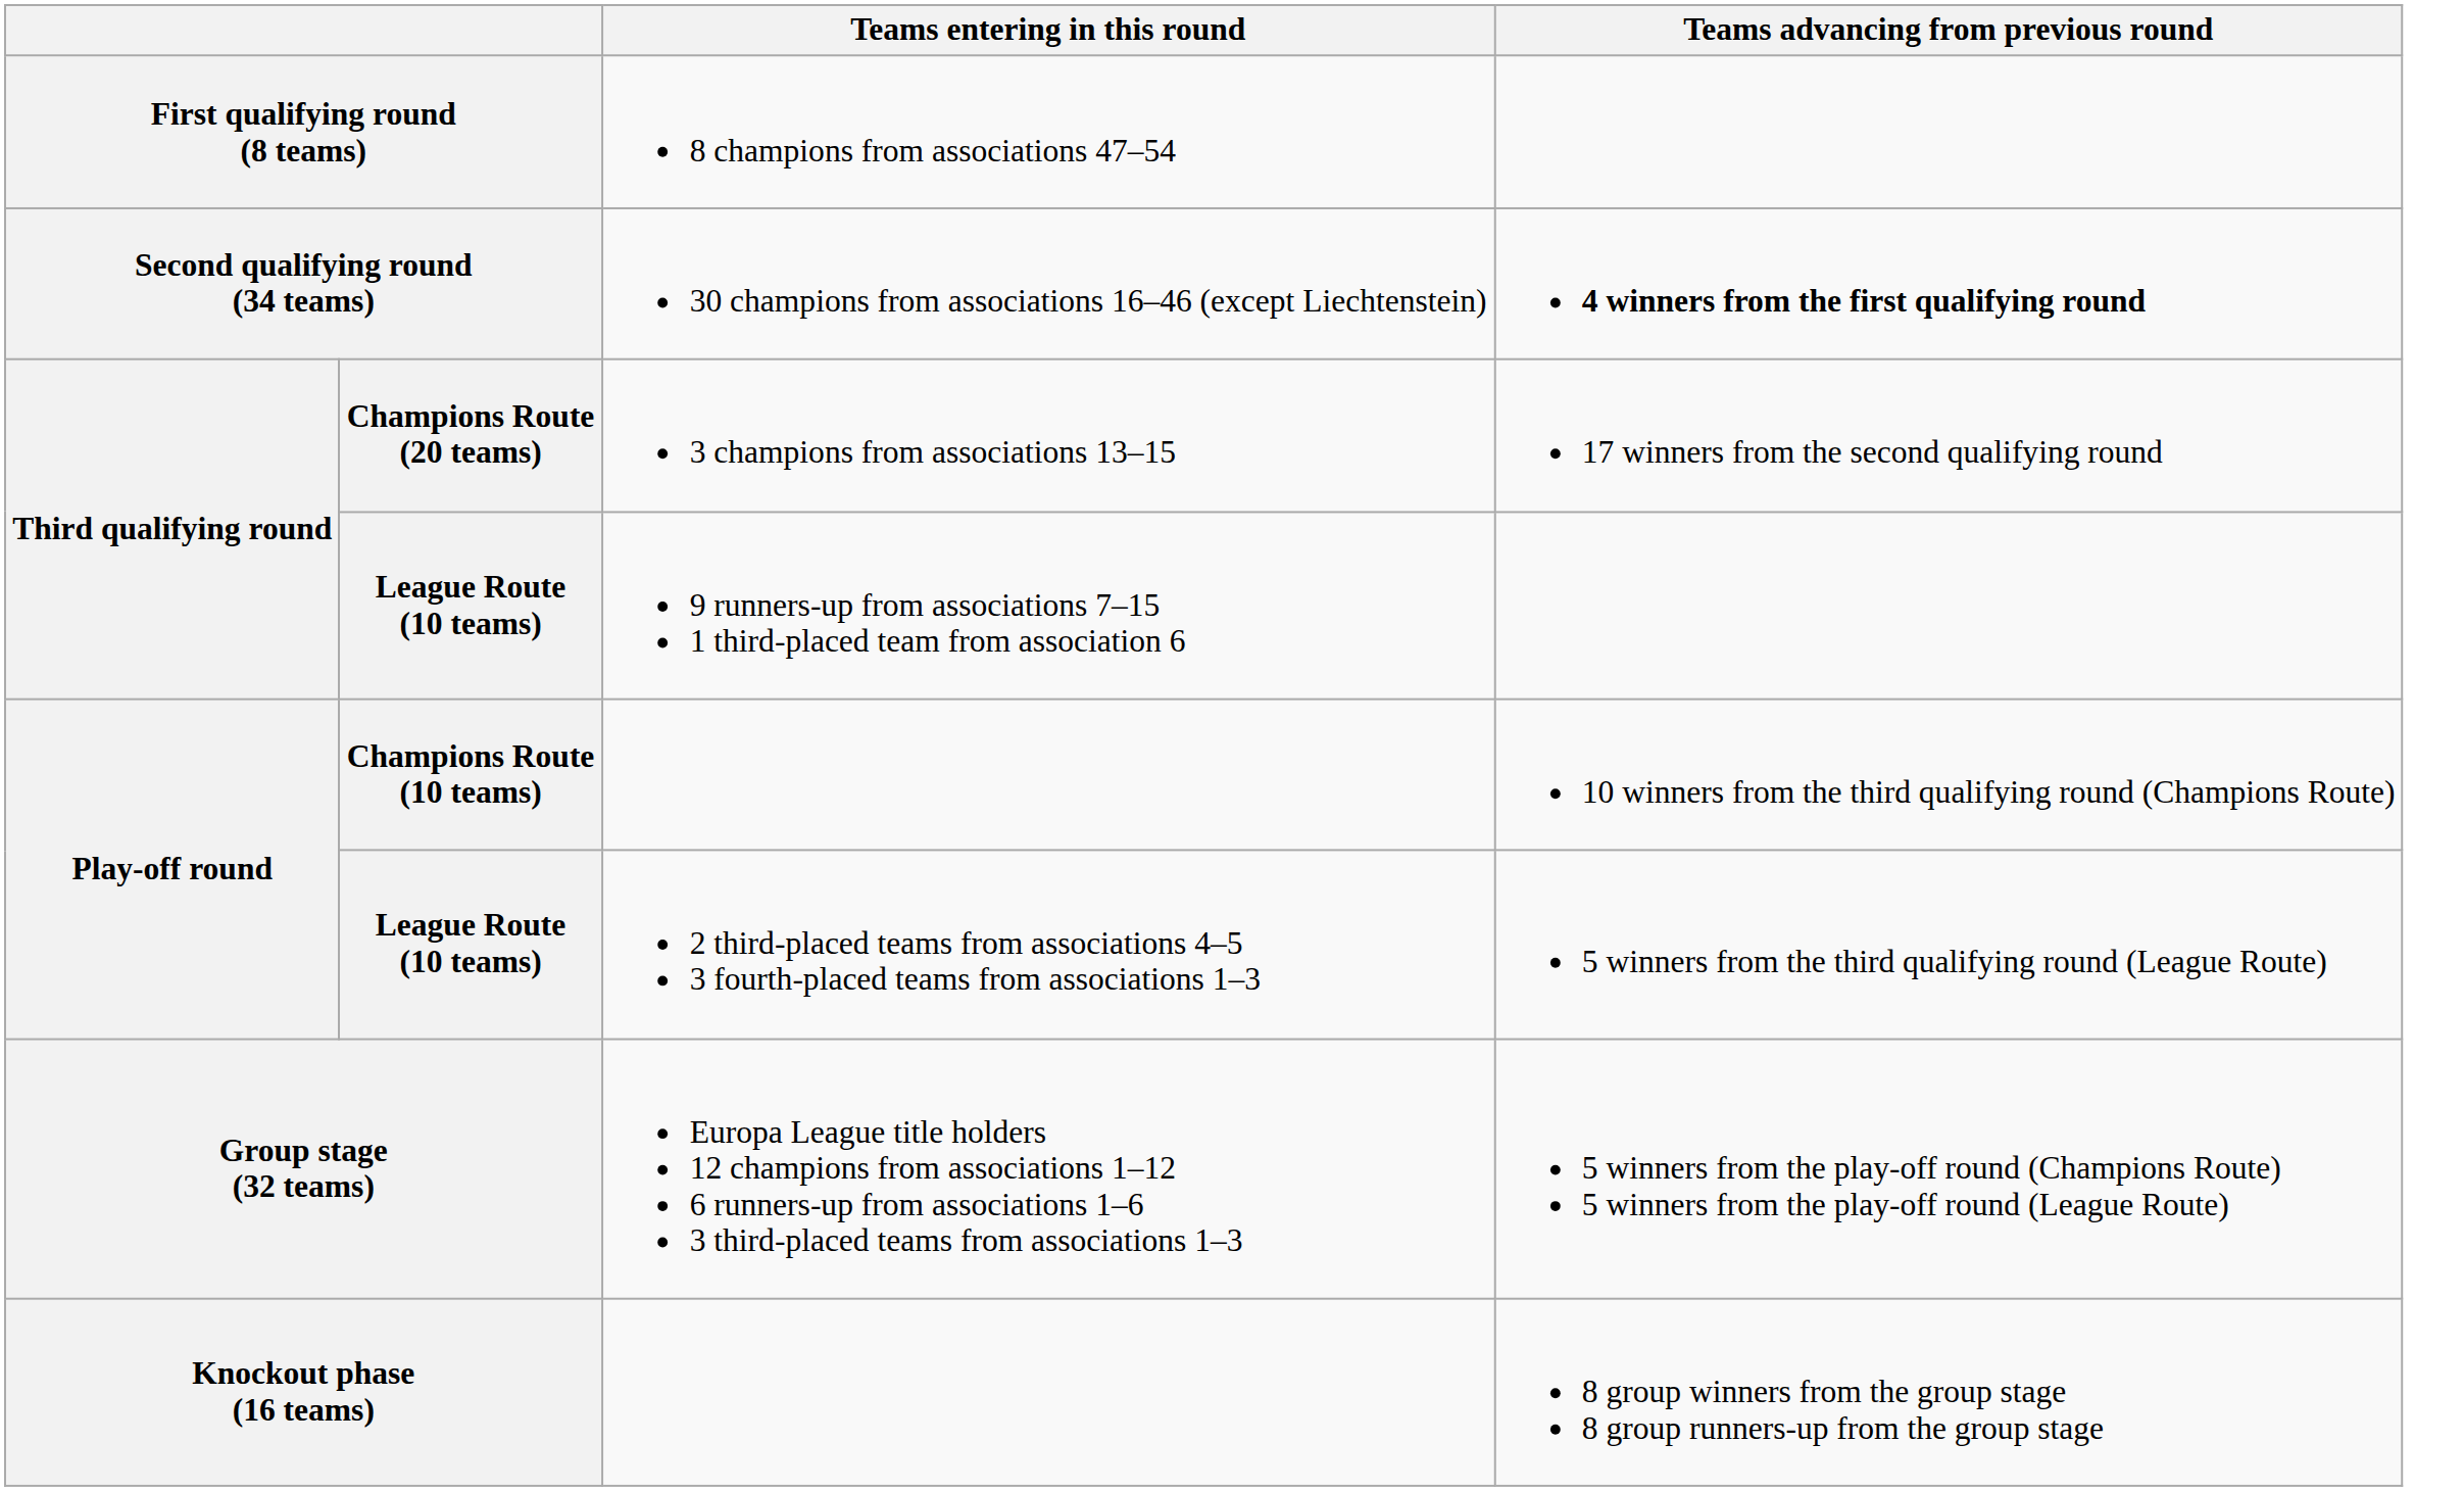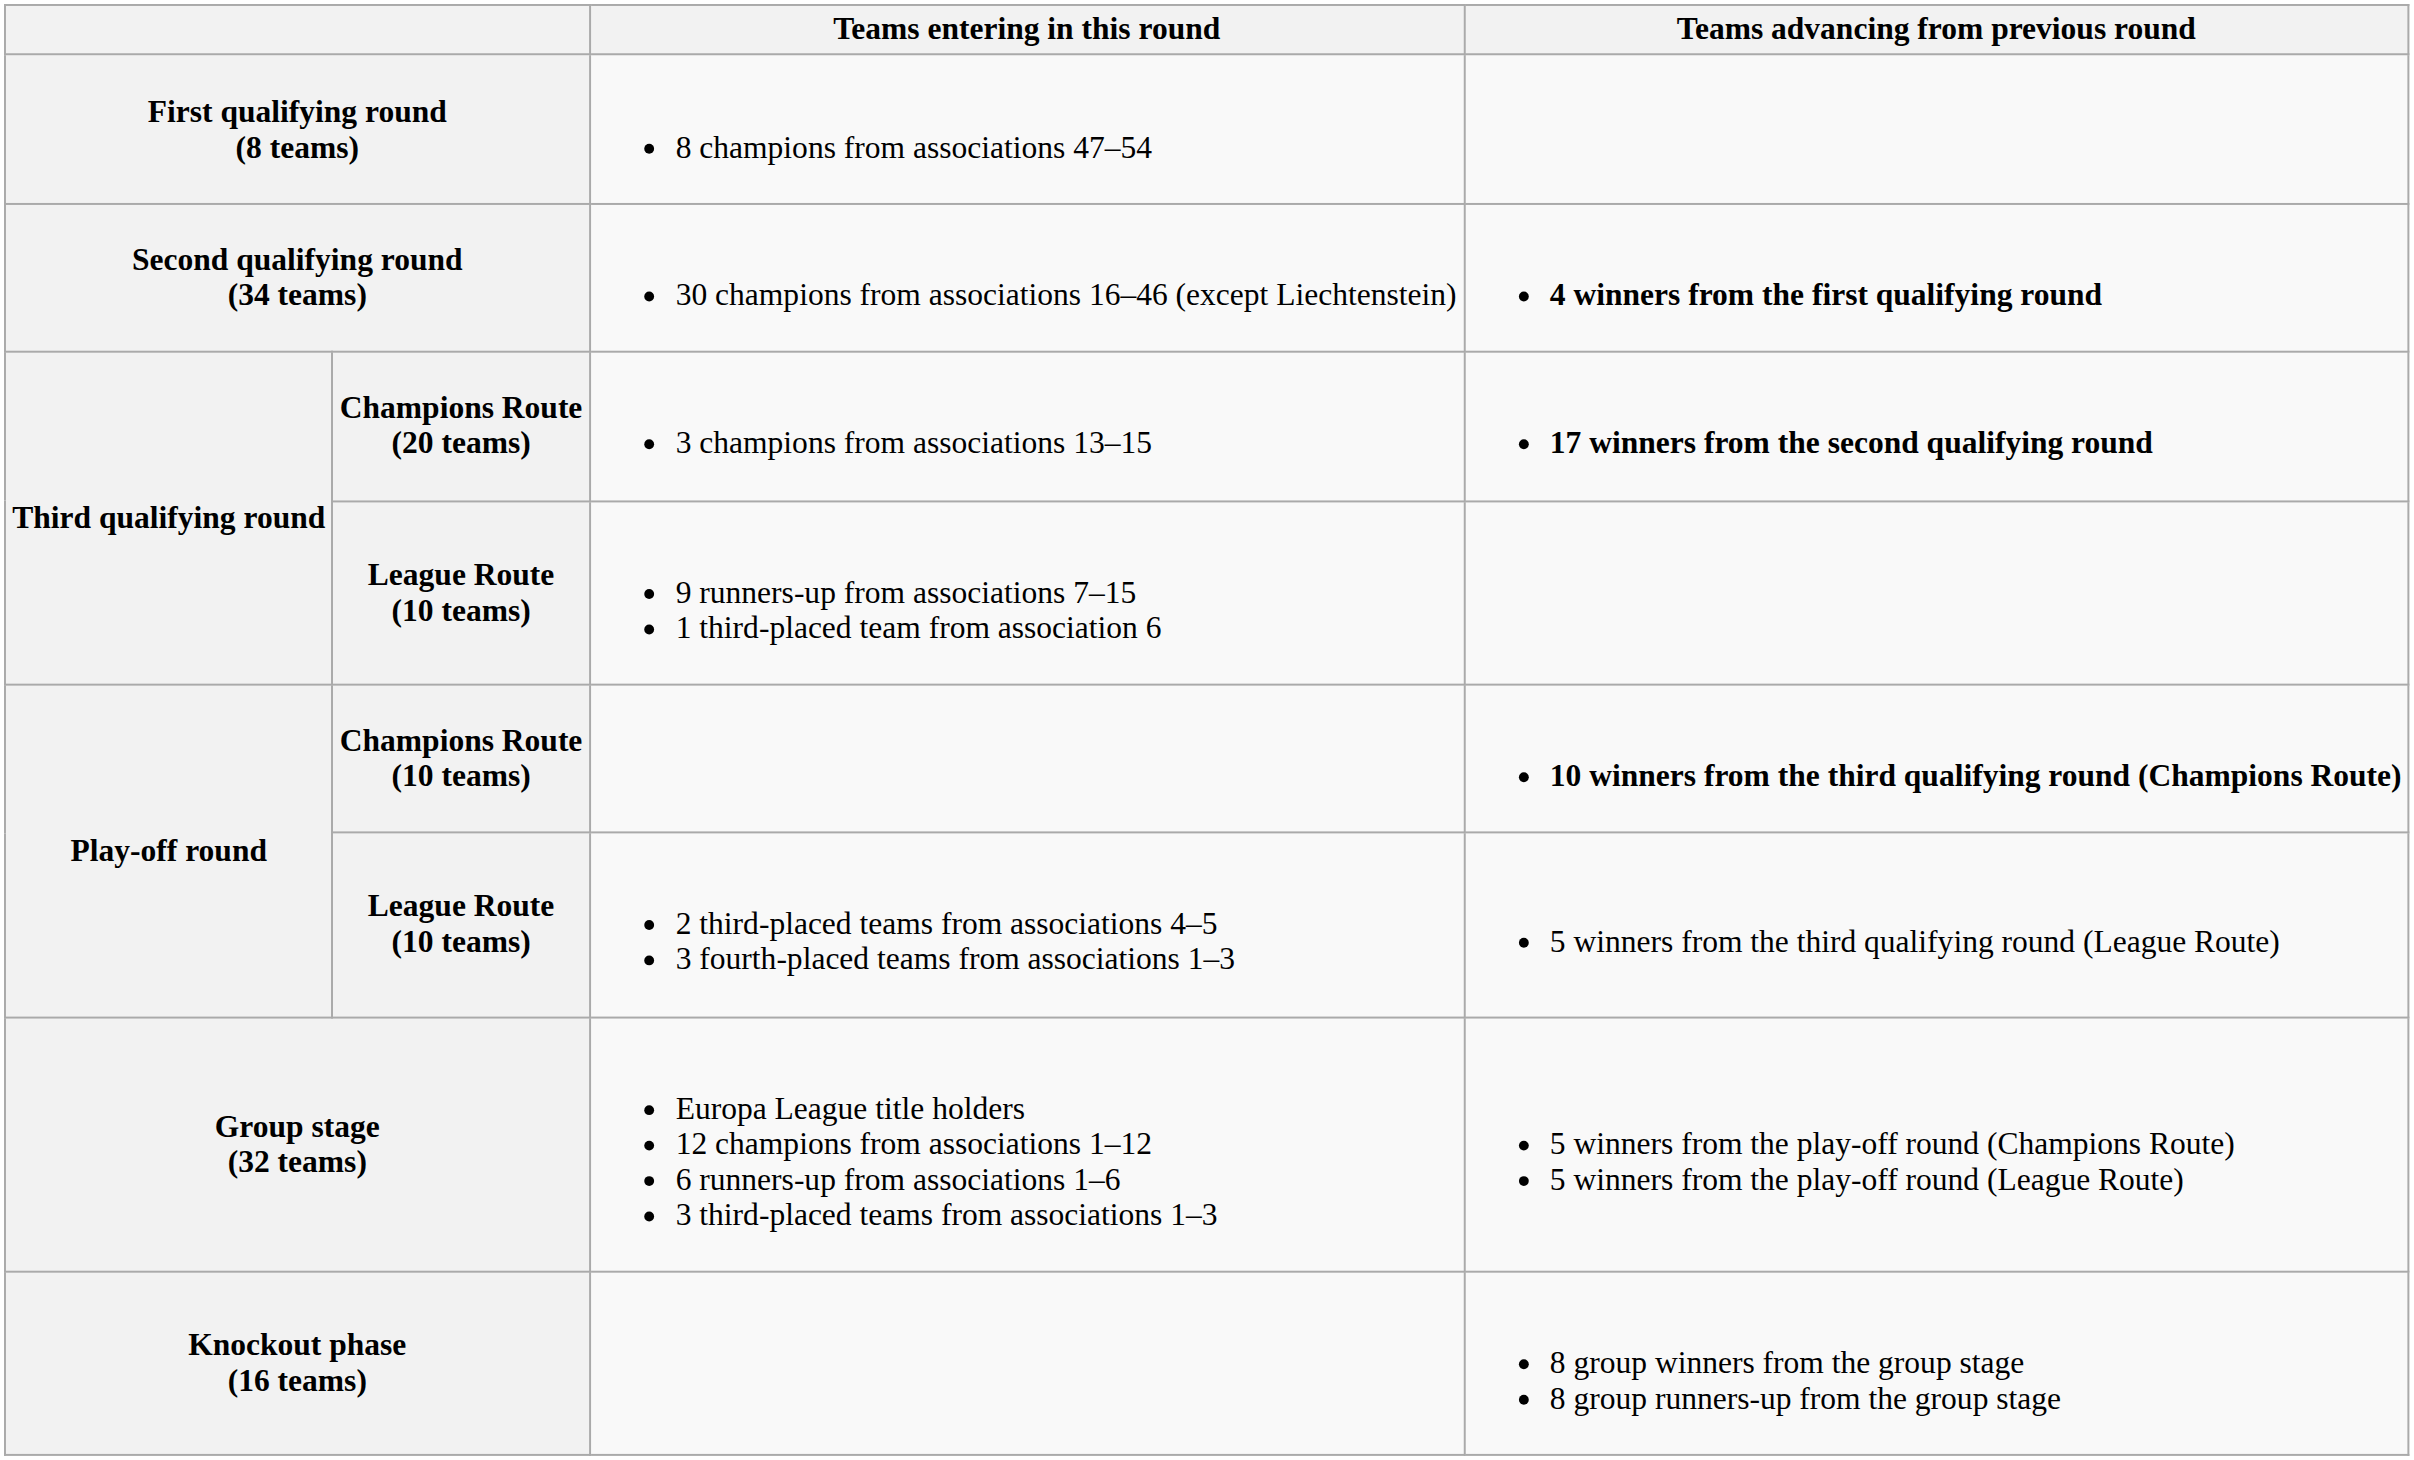 <table class="wikitable">
 <tr>
 <th colspan=2></th>
 <th>Teams entering in this round</th>
 <th>Teams advancing from previous round</th>
 </tr>
 <tr>
 <th colspan=2>First qualifying round<br>(8 teams)</th>
 <td><br><ul><li>8 champions from associations 47–54</li></ul></td>
 <td></td>
 </tr>
 <tr>
 <th colspan=2>Second qualifying round<br>(34 teams)</th>
 <td><br><ul><li>30 champions from associations 16–46 (except Liechtenstein)</li></ul></td>
 <td><strong><br><ul><li>4 winners from the first qualifying round</li></ul></strong></td>
 </tr>
 <tr>
 <th rowspan=2>Third qualifying round</th>
 <th>Champions Route<br>(20 teams)</th>
 <td><br><ul><li>3 champions from associations 13–15</li></ul></td>
-<td><br><ul><li>17 winners from the second qualifying round</li></ul></td>
+<td><strong><br><ul><li>17 winners from the second qualifying round</li></ul></strong></td>
 </tr>
 <tr>
 <th>League Route<br>(10 teams)</th>
 <td><br><ul><li>9 runners-up from associations 7–15</li><li>1 third-placed team from association 6</li></ul></td>
 <td></td>
 </tr>
 <tr>
 <th rowspan=2>Play-off round</th>
 <th>Champions Route<br>(10 teams)</th>
 <td></td>
-<td><br><ul><li>10 winners from the third qualifying round (Champions Route)</li></ul></td>
+<td><strong><br><ul><li>10 winners from the third qualifying round (Champions Route)</li></ul></strong></td>
 </tr>
 <tr>
 <th>League Route<br>(10 teams)</th>
 <td><br><ul><li>2 third-placed teams from associations 4–5</li><li>3 fourth-placed teams from associations 1–3</li></ul></td>
 <td><br><ul><li>5 winners from the third qualifying round (League Route)</li></ul></td>
 </tr>
 <tr>
 <th colspan=2>Group stage<br>(32 teams)</th>
 <td><br><ul><li>Europa League title holders</li><li>12 champions from associations 1–12</li><li>6 runners-up from associations 1–6</li><li>3 third-placed teams from associations 1–3</li></ul></td>
 <td><br><ul><li>5 winners from the play-off round (Champions Route)</li><li>5 winners from the play-off round (League Route)</li></ul></td>
 </tr>
 <tr>
 <th colspan=2>Knockout phase<br>(16 teams)</th>
 <td></td>
 <td><br><ul><li>8 group winners from the group stage</li><li>8 group runners-up from the group stage</li></ul></td>
 </tr>
 </table>
